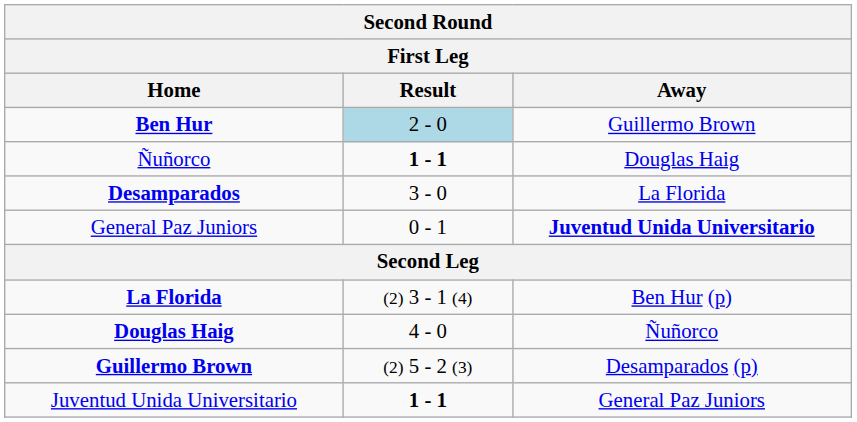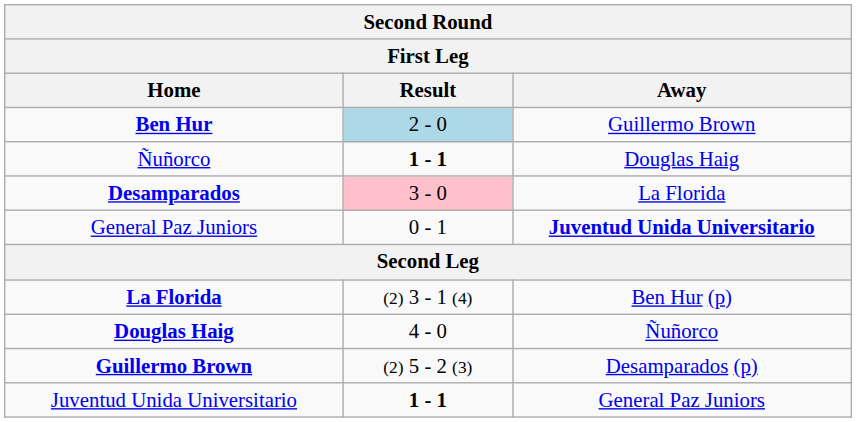 <table align=center class="wikitable collapsible collapsed" style="font-size:95%; text-align: center; width: 70%;">
 <tr>
 <th colspan=100% style="with: 100%;" align=center>Second Round</th>
 </tr>
 <tr>
 <th colspan=100% style="with: 75%;" align=center>First Leg</th>
 </tr>
 <tr>
 <th width=30%>Home</th>
 <th width=15%>Result</th>
 <th width=30%>Away</th>
 </tr>
 <tr align=center>
 <td><strong><a href='#'>Ben Hur</a></strong></td>
 <td style="background: lightblue;">2 - 0</td>
 <td><a href='#'>Guillermo Brown</a></td>
 </tr>
 <tr align=center>
 <td><a href='#'>Ñuñorco</a></td>
 <td><strong>1 - 1</strong></td>
 <td><a href='#'>Douglas Haig</a></td>
 </tr>
 <tr align=center>
 <td><strong><a href='#'>Desamparados</a></strong></td>
-<td>3 - 0</td>
+<td style="background: pink;">3 - 0</td>
 <td><a href='#'>La Florida</a></td>
 </tr>
 <tr align=center>
 <td><a href='#'>General Paz Juniors</a></td>
 <td>0 - 1</td>
 <td><strong><a href='#'>Juventud Unida Universitario</a></strong></td>
 </tr>
 <tr>
 <th colspan="100%"  style="with:75%; text-align:center;">Second Leg</th>
 </tr>
 <tr align=center>
 <td><strong><a href='#'>La Florida</a></strong></td>
 <td><small>(2)</small> 3 - 1 <small>(4)</small></td>
 <td><a href='#'>Ben Hur</a> <a href='#'>(p)</a></td>
 </tr>
 <tr align=center>
 <td><strong><a href='#'>Douglas Haig</a></strong></td>
 <td>4 - 0</td>
 <td><a href='#'>Ñuñorco</a></td>
 </tr>
 <tr align=center>
 <td><strong><a href='#'>Guillermo Brown</a></strong></td>
 <td><small>(2)</small> 5 - 2 <small>(3)</small></td>
 <td><a href='#'>Desamparados</a> <a href='#'>(p)</a></td>
 </tr>
 <tr align=center>
 <td><a href='#'>Juventud Unida Universitario</a></td>
 <td><strong> 1 - 1 </strong></td>
 <td><a href='#'>General Paz Juniors</a></td>
 </tr>
 </table>
